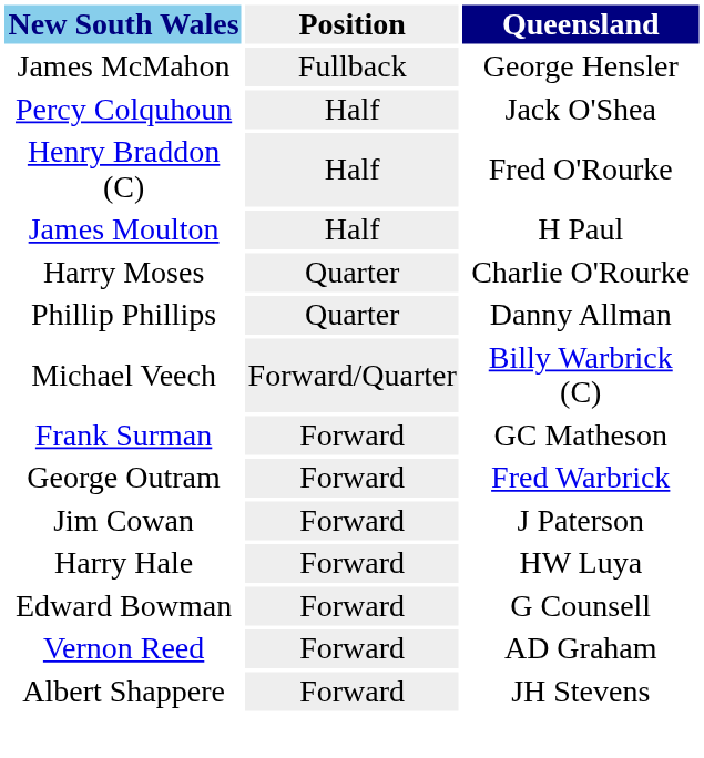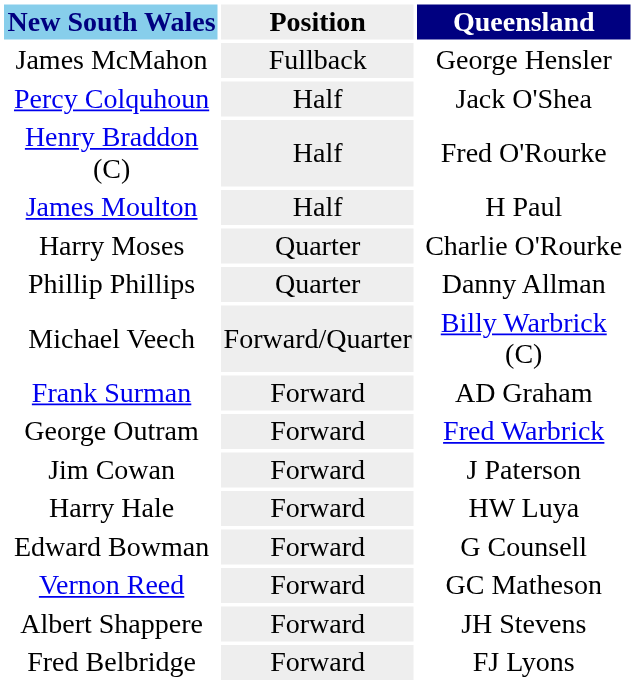 <table align=right style="margin-left:4em">
 <tr>
 <th width="120" style="text-align: center; background:#87ceeb; color:navy">New South Wales</th>
 <th style="background:#eeeeee">Position</th>
 <th width="120" style="text-align: center; background:#000080; color:white">Queensland</th>
 </tr>
 <tr>
 <td style="text-align: center">James McMahon</td>
 <td style="text-align: center; background:#eeeeee">Fullback</td>
 <td style="text-align: center">George Hensler</td>
 </tr>
 <tr>
 <td style="text-align: center"><a href='#'>Percy Colquhoun</a></td>
 <td style="text-align: center; background:#eeeeee">Half</td>
 <td style="text-align: center">Jack O'Shea</td>
 </tr>
 <tr>
 <td style="text-align: center"><a href='#'>Henry Braddon</a> (C)</td>
 <td style="text-align: center; background:#eeeeee">Half</td>
 <td style="text-align: center">Fred O'Rourke</td>
 </tr>
 <tr>
 <td style="text-align: center"><a href='#'>James Moulton</a></td>
 <td style="text-align: center; background:#eeeeee">Half</td>
 <td style="text-align: center">H Paul</td>
 </tr>
 <tr>
 <td style="text-align: center">Harry Moses</td>
 <td style="text-align: center; background:#eeeeee">Quarter</td>
 <td style="text-align: center">Charlie O'Rourke</td>
 </tr>
 <tr>
 <td style="text-align: center">Phillip Phillips</td>
 <td style="text-align: center; background:#eeeeee">Quarter</td>
 <td style="text-align: center">Danny Allman</td>
 </tr>
 <tr>
 <td style="text-align: center">Michael Veech</td>
 <td style="text-align: center; background:#eeeeee">Forward/Quarter</td>
 <td style="text-align: center"><a href='#'>Billy Warbrick</a> (C)</td>
 </tr>
 <tr>
 <td style="text-align: center"><a href='#'>Frank Surman</a></td>
 <td style="text-align: center; background:#eeeeee">Forward</td>
-<td style="text-align: center">GC Matheson</td>
+<td style="text-align: center">AD Graham</td>
 </tr>
 <tr>
 <td style="text-align: center">George Outram</td>
 <td style="text-align: center; background:#eeeeee">Forward</td>
 <td style="text-align: center"><a href='#'>Fred Warbrick</a></td>
 </tr>
 <tr>
 <td style="text-align: center">Jim Cowan</td>
 <td style="text-align: center; background:#eeeeee">Forward</td>
 <td style="text-align: center">J Paterson</td>
 </tr>
 <tr>
 <td style="text-align: center">Harry Hale</td>
 <td style="text-align: center; background:#eeeeee">Forward</td>
 <td style="text-align: center">HW Luya</td>
 </tr>
 <tr>
 <td style="text-align: center">Edward Bowman</td>
 <td style="text-align: center; background:#eeeeee">Forward</td>
 <td style="text-align: center">G Counsell</td>
 </tr>
 <tr>
 <td style="text-align: center"><a href='#'>Vernon Reed</a></td>
 <td style="text-align: center; background:#eeeeee">Forward</td>
-<td style="text-align: center">AD Graham</td>
+<td style="text-align: center">GC Matheson</td>
 </tr>
 <tr>
 <td style="text-align: center">Albert Shappere</td>
 <td style="text-align: center; background:#eeeeee">Forward</td>
 <td style="text-align: center">JH Stevens</td>
 </tr>
+<tr>
+<td style="text-align: center">Fred Belbridge</td>
+<td style="text-align: center; background:#eeeeee">Forward</td>
+<td style="text-align: center">FJ Lyons</td>
+</tr>
 </table>
